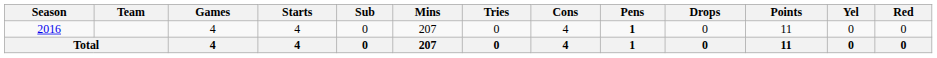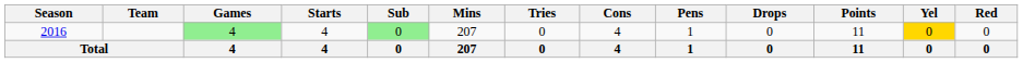 <table class="wikitable" style="text-align:center; line-height:90%; font-size:95%; width:60%;">
 <tr>
 <th>Season</th>
 <th>Team</th>
 <th>Games</th>
 <th>Starts</th>
 <th>Sub</th>
 <th>Mins</th>
 <th>Tries</th>
 <th>Cons</th>
 <th>Pens</th>
 <th>Drops</th>
 <th>Points</th>
 <th>Yel</th>
 <th>Red</th>
 </tr>
 <tr>
 <td><a href='#'>2016</a></td>
 <td></td>
+<td style="background: lightgreen;">4</td>
 <td>4</td>
-<td>4</td>
-<td>0</td>
+<td style="background: lightgreen;">0</td>
 <td>207</td>
 <td>0</td>
 <td>4</td>
-<td><strong>1</strong></td>
+<td>1</td>
 <td>0</td>
 <td>11</td>
-<td>0</td>
+<td style="background: gold;">0</td>
 <td>0</td>
 </tr>
 <tr>
 <th colspan="2">Total</th>
 <th>4</th>
 <th>4</th>
 <th>0</th>
 <th>207</th>
 <th>0</th>
 <th>4</th>
 <th>1</th>
 <th>0</th>
 <th>11</th>
 <th>0</th>
 <th>0</th>
 </tr>
 </table>
